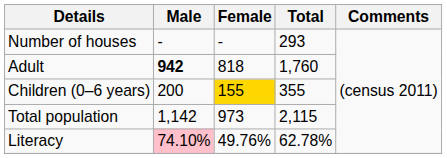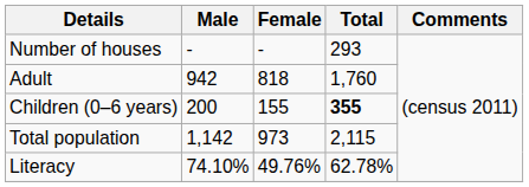 <table class="wikitable sortable">
 <tr>
 <th>Details</th>
 <th>Male</th>
 <th>Female</th>
 <th>Total</th>
 <th>Comments</th>
 </tr>
 <tr>
 <td>Number of houses</td>
 <td>-</td>
 <td>-</td>
 <td>293</td>
 <td rowspan="5">(census 2011) </td>
 </tr>
 <tr>
 <td>Adult</td>
-<td><strong>942</strong></td>
+<td>942</td>
 <td>818</td>
 <td>1,760</td>
 </tr>
 <tr>
 <td>Children (0–6 years)</td>
 <td>200</td>
-<td style="background: gold;">155</td>
-<td>355</td>
+<td>155</td>
+<td><strong>355</strong></td>
 </tr>
 <tr>
 <td>Total population</td>
 <td>1,142</td>
 <td>973</td>
 <td>2,115</td>
 </tr>
 <tr>
 <td>Literacy</td>
-<td style="background: pink;">74.10%</td>
+<td>74.10%</td>
 <td>49.76%</td>
 <td>62.78%</td>
 </tr>
 <tr>
 </tr>
 </table>
